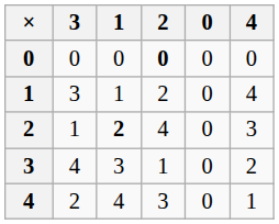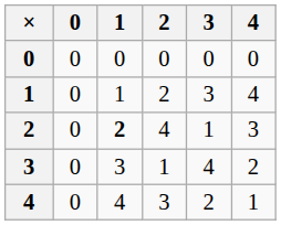 <table class="wikitable" style="text-align: center; width:12em">
 <tr>
 <th>×</th>
-<th>3</th>
+<th>0</th>
 <th>1</th>
 <th>2</th>
-<th>0</th>
+<th>3</th>
 <th>4</th>
 </tr>
 <tr>
 <th>0</th>
 <td>0</td>
 <td>0</td>
-<td><strong>0</strong></td>
+<td>0</td>
 <td>0</td>
 <td>0</td>
 </tr>
 <tr>
 <th>1</th>
-<td>3</td>
+<td>0</td>
 <td>1</td>
 <td>2</td>
-<td>0</td>
+<td>3</td>
 <td>4</td>
 </tr>
 <tr>
 <th>2</th>
-<td>1</td>
+<td>0</td>
 <td><strong>2</strong></td>
 <td>4</td>
-<td>0</td>
+<td>1</td>
 <td>3</td>
 </tr>
 <tr>
 <th>3</th>
-<td>4</td>
+<td>0</td>
 <td>3</td>
 <td>1</td>
-<td>0</td>
+<td>4</td>
 <td>2</td>
 </tr>
 <tr>
 <th>4</th>
-<td>2</td>
+<td>0</td>
 <td>4</td>
 <td>3</td>
-<td>0</td>
+<td>2</td>
 <td>1</td>
 </tr>
 </table>
